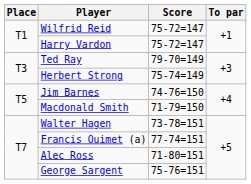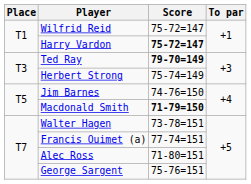 <table class="wikitable">
 <tr>
 <th>Place</th>
 <th>Player</th>
 <th>Score</th>
 <th>To par</th>
 </tr>
 <tr>
 <td rowspan=2 align=center>T1</td>
 <td> <a href='#'>Wilfrid Reid</a></td>
 <td>75-72=147</td>
 <td align=center rowspan=2>+1</td>
 </tr>
 <tr>
 <td> <a href='#'>Harry Vardon</a></td>
-<td>75-72=147</td>
+<td><strong>75-72=147</strong></td>
 </tr>
 <tr>
 <td rowspan=2 align=center>T3</td>
 <td> <a href='#'>Ted Ray</a></td>
-<td>79-70=149</td>
+<td><strong>79-70=149</strong></td>
 <td align=center rowspan=2>+3</td>
 </tr>
 <tr>
 <td> <a href='#'>Herbert Strong</a></td>
 <td>75-74=149</td>
 </tr>
 <tr>
 <td rowspan=2 align=center>T5</td>
 <td> <a href='#'>Jim Barnes</a></td>
 <td>74-76=150</td>
 <td rowspan=2 align=center>+4</td>
 </tr>
 <tr>
 <td> <a href='#'>Macdonald Smith</a></td>
-<td>71-79=150</td>
+<td><strong>71-79=150</strong></td>
 </tr>
 <tr>
 <td rowspan=4 align=center>T7</td>
 <td> <a href='#'>Walter Hagen</a></td>
 <td>73-78=151</td>
 <td align=center rowspan=4>+5</td>
 </tr>
 <tr>
 <td> <a href='#'>Francis Ouimet</a> (a)</td>
 <td>77-74=151</td>
 </tr>
 <tr>
 <td> <a href='#'>Alec Ross</a></td>
 <td>71-80=151</td>
 </tr>
 <tr>
 <td> <a href='#'>George Sargent</a></td>
 <td>75-76=151</td>
 </tr>
 </table>
